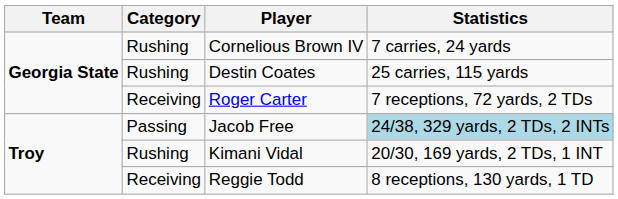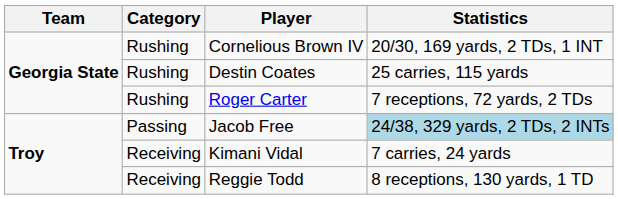 <table class="wikitable" style="float: left;">
 <tr>
 <th>Team</th>
 <th>Category</th>
 <th>Player</th>
 <th>Statistics</th>
 </tr>
 <tr>
 <td rowspan=3><strong>Georgia State</strong></td>
 <td>Rushing</td>
 <td>Cornelious Brown IV</td>
-<td>7 carries, 24 yards</td>
+<td>20/30, 169 yards, 2 TDs, 1 INT</td>
 </tr>
 <tr>
 <td>Rushing</td>
 <td>Destin Coates</td>
 <td>25 carries, 115 yards</td>
 </tr>
 <tr>
-<td>Receiving</td>
+<td>Rushing</td>
 <td><a href='#'>Roger Carter</a></td>
 <td>7 receptions, 72 yards, 2 TDs</td>
 </tr>
 <tr>
 <td rowspan=3><strong>Troy</strong></td>
 <td>Passing</td>
 <td>Jacob Free</td>
 <td style="background: lightblue;">24/38, 329 yards, 2 TDs, 2 INTs</td>
 </tr>
 <tr>
-<td>Rushing</td>
+<td>Receiving</td>
 <td>Kimani Vidal</td>
-<td>20/30, 169 yards, 2 TDs, 1 INT</td>
+<td>7 carries, 24 yards</td>
 </tr>
 <tr>
 <td>Receiving</td>
 <td>Reggie Todd</td>
 <td>8 receptions, 130 yards, 1 TD</td>
 </tr>
 </table>
